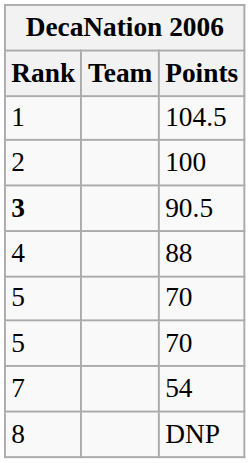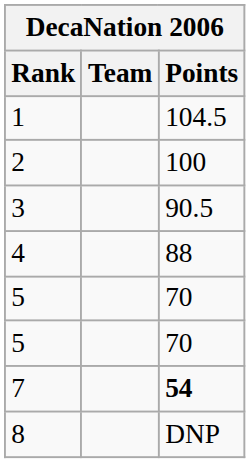 <table class="wikitable" style="font-size: 90%;">
 <tr>
 <th colspan=4>DecaNation 2006</th>
 </tr>
 <tr>
 <th>Rank</th>
 <th>Team</th>
 <th>Points</th>
 </tr>
 <tr>
 <td>1</td>
 <td></td>
 <td>104.5</td>
 </tr>
 <tr>
 <td>2</td>
 <td></td>
 <td>100</td>
 </tr>
 <tr>
-<td><strong>3</strong></td>
+<td>3</td>
 <td></td>
 <td>90.5</td>
 </tr>
 <tr>
 <td>4</td>
 <td></td>
 <td>88</td>
 </tr>
 <tr>
 <td>5</td>
 <td></td>
 <td>70</td>
 </tr>
 <tr>
 <td>5</td>
 <td></td>
 <td>70</td>
 </tr>
 <tr>
 <td>7</td>
 <td></td>
-<td>54</td>
+<td><strong>54</strong></td>
 </tr>
 <tr>
 <td>8</td>
 <td></td>
 <td>DNP</td>
 </tr>
 </table>
